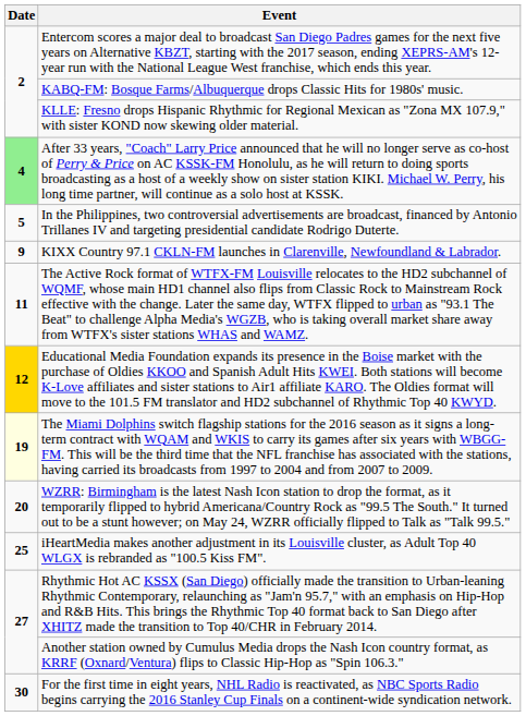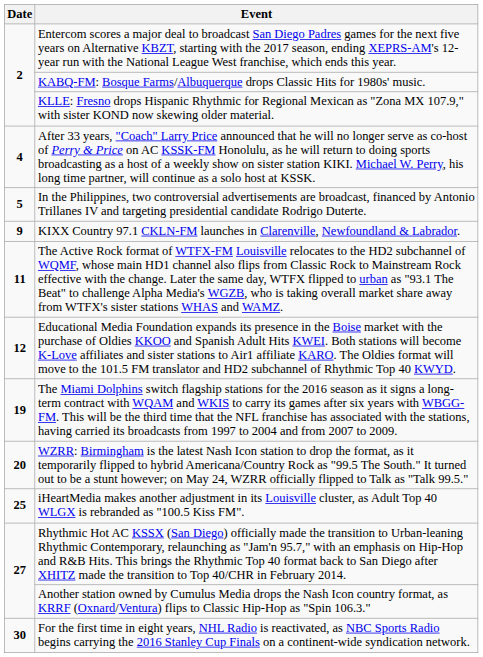 <table class=wikitable>
 <tr>
 <th>Date</th>
 <th>Event</th>
 </tr>
 <tr>
 <td style="text-align:center;" rowspan=3><strong>2</strong></td>
 <td>Entercom scores a major deal to broadcast <a href='#'>San Diego Padres</a> games for the next five years on Alternative <a href='#'>KBZT</a>, starting with the 2017 season, ending <a href='#'>XEPRS-AM</a>'s 12-year run with the National League West franchise, which ends this year.</td>
 </tr>
 <tr>
 <td><a href='#'>KABQ-FM</a>: <a href='#'>Bosque Farms</a>/<a href='#'>Albuquerque</a> drops Classic Hits for 1980s' music.</td>
 </tr>
 <tr>
 <td><a href='#'>KLLE</a>: <a href='#'>Fresno</a> drops Hispanic Rhythmic for Regional Mexican as "Zona MX 107.9," with sister KOND now skewing older material.</td>
 </tr>
 <tr>
-<td style="background: lightgreen; text-align:center;"><strong>4</strong></td>
+<td style="text-align:center;"><strong>4</strong></td>
 <td>After 33 years, <a href='#'>"Coach" Larry Price</a> announced that he will no longer serve as co-host of <em><a href='#'>Perry & Price</a></em> on AC <a href='#'>KSSK-FM</a> Honolulu, as he will return to doing sports broadcasting as a host of a weekly show on sister station KIKI. <a href='#'>Michael W. Perry</a>, his long time partner, will continue as a solo host at KSSK.</td>
 </tr>
 <tr>
 <td style="text-align:center;"><strong>5</strong></td>
 <td>In the Philippines, two controversial advertisements are broadcast, financed by Antonio Trillanes IV and targeting presidential candidate Rodrigo Duterte.</td>
 </tr>
 <tr>
 <td style="text-align:center;"><strong>9</strong></td>
 <td>KIXX Country 97.1 <a href='#'>CKLN-FM</a> launches in <a href='#'>Clarenville</a>, <a href='#'>Newfoundland & Labrador</a>.</td>
 </tr>
 <tr>
 <td style="text-align:center;"><strong>11</strong></td>
 <td>The Active Rock format of <a href='#'>WTFX-FM</a> <a href='#'>Louisville</a> relocates to the HD2 subchannel of <a href='#'>WQMF</a>, whose main HD1 channel also flips from Classic Rock to Mainstream Rock effective with the change. Later the same day, WTFX flipped to <a href='#'>urban</a> as "93.1 The Beat" to challenge Alpha Media's <a href='#'>WGZB</a>, who is taking overall market share away from WTFX's sister stations <a href='#'>WHAS</a> and <a href='#'>WAMZ</a>.</td>
 </tr>
 <tr>
-<td style="background: gold; text-align:center;"><strong>12</strong></td>
+<td style="text-align:center;"><strong>12</strong></td>
 <td>Educational Media Foundation expands its presence in the <a href='#'>Boise</a> market with the purchase of Oldies <a href='#'>KKOO</a> and Spanish Adult Hits <a href='#'>KWEI</a>. Both stations will become <a href='#'>K-Love</a> affiliates and sister stations to Air1 affiliate <a href='#'>KARO</a>. The Oldies format will move to the 101.5 FM translator and HD2 subchannel of Rhythmic Top 40 <a href='#'>KWYD</a>.</td>
 </tr>
 <tr>
-<td style="background: lightyellow; text-align:center;"><strong>19</strong></td>
+<td style="text-align:center;"><strong>19</strong></td>
 <td>The <a href='#'>Miami Dolphins</a> switch flagship stations for the 2016 season as it signs a long-term contract with <a href='#'>WQAM</a> and <a href='#'>WKIS</a> to carry its games after six years with <a href='#'>WBGG-FM</a>. This will be the third time that the NFL franchise has associated with the stations, having carried its broadcasts from 1997 to 2004 and from 2007 to 2009.</td>
 </tr>
 <tr>
 <td style="text-align:center;"><strong>20</strong></td>
 <td><a href='#'>WZRR</a>: <a href='#'>Birmingham</a> is the latest Nash Icon station to drop the format, as it temporarily flipped to hybrid Americana/Country Rock as "99.5 The South." It turned out to be a stunt however; on May 24, WZRR officially flipped to Talk as "Talk 99.5."</td>
 </tr>
 <tr>
 <td style="text-align:center;"><strong>25</strong></td>
 <td>iHeartMedia makes another adjustment in its <a href='#'>Louisville</a> cluster, as Adult Top 40 <a href='#'>WLGX</a> is rebranded as "100.5 Kiss FM".</td>
 </tr>
 <tr>
 <td style="text-align:center;" rowspan=2><strong>27</strong></td>
 <td>Rhythmic Hot AC <a href='#'>KSSX</a> (<a href='#'>San Diego</a>) officially made the transition to Urban-leaning Rhythmic Contemporary, relaunching as "Jam'n 95.7," with an emphasis on Hip-Hop and R&B Hits. This brings the Rhythmic Top 40 format back to San Diego after <a href='#'>XHITZ</a> made the transition to Top 40/CHR in February 2014.</td>
 </tr>
 <tr>
 <td>Another station owned by Cumulus Media drops the Nash Icon country format, as <a href='#'>KRRF</a> (<a href='#'>Oxnard</a>/<a href='#'>Ventura</a>) flips to Classic Hip-Hop as "Spin 106.3."</td>
 </tr>
 <tr>
 <td style="text-align:center;"><strong>30</strong></td>
 <td>For the first time in eight years, <a href='#'>NHL Radio</a> is reactivated, as <a href='#'>NBC Sports Radio</a> begins carrying the <a href='#'>2016 Stanley Cup Finals</a> on a continent-wide syndication network.</td>
 </tr>
 </table>
